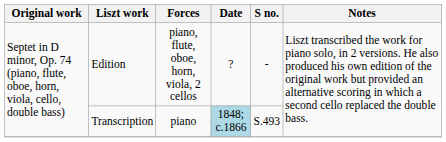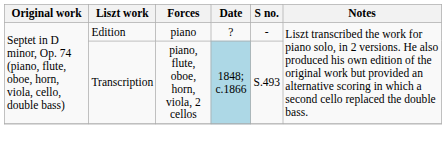 <table class="wikitable">
 <tr>
 <th>Original work</th>
 <th>Liszt work</th>
 <th>Forces</th>
 <th>Date</th>
 <th>S no.</th>
 <th>Notes</th>
 </tr>
 <tr>
 <td rowspan=2>Septet in D minor, Op. 74 (piano, flute, oboe, horn, viola, cello, double bass)</td>
 <td>Edition</td>
-<td style="text-align: center">piano, flute, oboe, horn, viola, 2 cellos</td>
+<td style="text-align: center">piano</td>
 <td style="text-align: center">?</td>
 <td style="text-align: center">-</td>
 <td rowspan=2>Liszt transcribed the work for piano solo, in 2 versions.  He also produced his own edition of the original work but provided an alternative scoring in which a second cello replaced the double bass.</td>
 </tr>
 <tr>
 <td>Transcription</td>
-<td style="text-align: center">piano</td>
+<td style="text-align: center">piano, flute, oboe, horn, viola, 2 cellos</td>
 <td style="background: lightblue; text-align: center">1848; c.1866</td>
 <td>S.493</td>
 </tr>
 <tr>
 </tr>
 </table>
